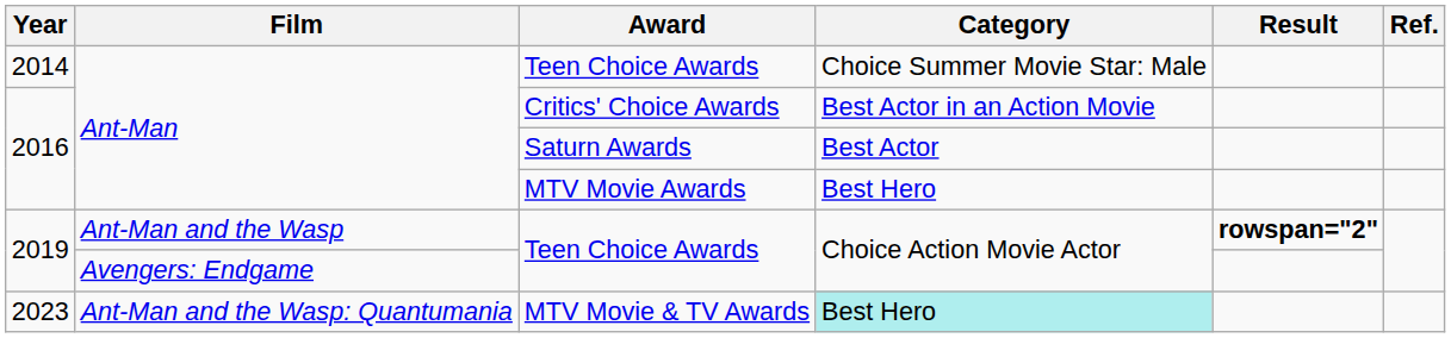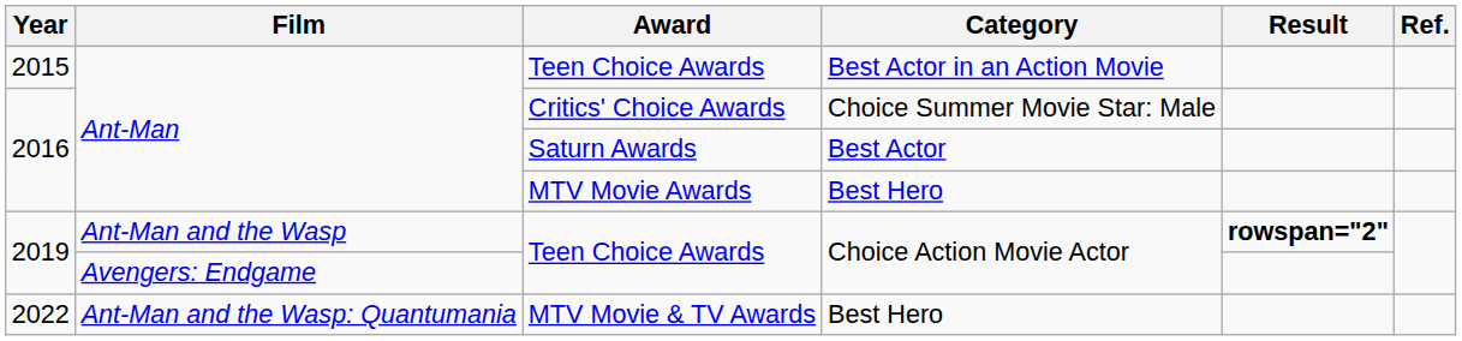 <table class="wikitable sortable">
 <tr>
 <th>Year</th>
 <th>Film</th>
 <th>Award</th>
 <th>Category</th>
 <th>Result</th>
 <th scope="col" class="unsortable">Ref.</th>
 </tr>
 <tr>
-<td>2014</td>
+<td>2015</td>
 <td rowspan="4"><em><a href='#'>Ant-Man</a></em></td>
 <td><a href='#'>Teen Choice Awards</a></td>
-<td>Choice Summer Movie Star: Male</td>
+<td><a href='#'>Best Actor in an Action Movie</a></td>
 <td></td>
 <td style="text-align: center;"></td>
 </tr>
 <tr>
 <td rowspan="3">2016</td>
 <td><a href='#'>Critics' Choice Awards</a></td>
-<td><a href='#'>Best Actor in an Action Movie</a></td>
+<td>Choice Summer Movie Star: Male</td>
 <td></td>
 <td style="text-align: center;"></td>
 </tr>
 <tr>
 <td><a href='#'>Saturn Awards</a></td>
 <td><a href='#'>Best Actor</a></td>
 <td></td>
 <td style="text-align: center;"></td>
 </tr>
 <tr>
 <td><a href='#'>MTV Movie Awards</a></td>
 <td><a href='#'>Best Hero</a></td>
 <td></td>
 <td style="text-align:center;"></td>
 </tr>
 <tr>
 <td rowspan="2">2019</td>
 <td><em><a href='#'>Ant-Man and the Wasp</a></em></td>
 <td rowspan="2"><a href='#'>Teen Choice Awards</a></td>
 <td rowspan="2">Choice Action Movie Actor</td>
 <td><strong>rowspan="2" </strong></td>
 <td rowspan="2" style="text-align:center;"></td>
 </tr>
 <tr>
 <td><em><a href='#'>Avengers: Endgame</a></em></td>
 </tr>
 <tr>
-<td>2023</td>
+<td>2022</td>
 <td><em><a href='#'>Ant-Man and the Wasp: Quantumania</a></em></td>
 <td><a href='#'>MTV Movie & TV Awards</a></td>
-<td style="background: paleturquoise;">Best Hero</td>
+<td>Best Hero</td>
 <td></td>
 <td style="text-align:center;"></td>
 </tr>
 </table>
